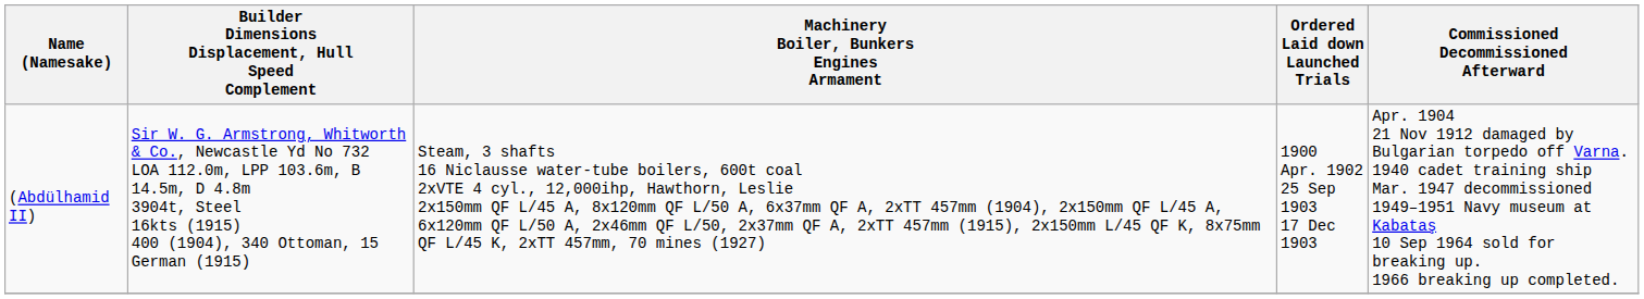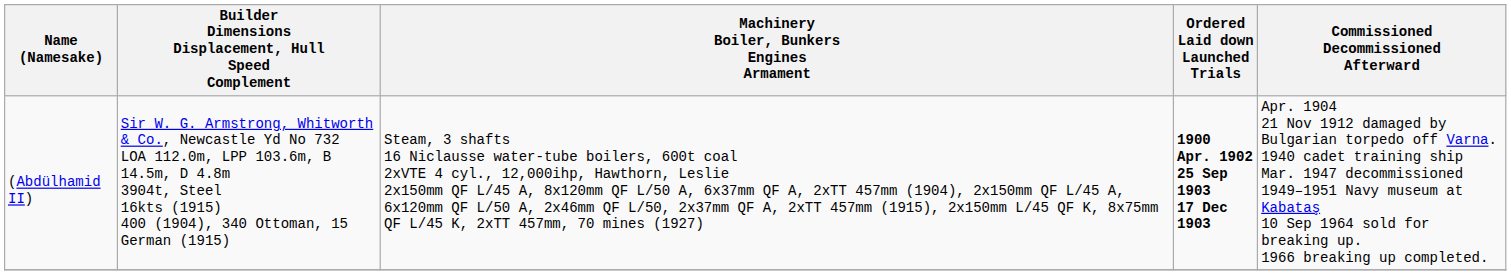 <table class="wikitable" style="font-size:90%;">
 <tr bgcolor="#e6e9ff">
 <th>Name<br>(Namesake)</th>
 <th>Builder<br>Dimensions<br>Displacement, Hull<br>Speed<br>Complement</th>
 <th>Machinery<br>Boiler, Bunkers<br>Engines<br>Armament</th>
 <th>Ordered<br>Laid down<br>Launched<br>Trials</th>
 <th>Commissioned<br>Decommissioned<br>Afterward</th>
 </tr>
 <tr ---->
 <td><br>(<a href='#'>Abdülhamid II</a>)</td>
 <td> <a href='#'>Sir W. G. Armstrong, Whitworth & Co.</a>, Newcastle Yd No 732<br>LOA 112.0m, LPP 103.6m, B 14.5m, D 4.8m<br>3904t, Steel<br>16kts (1915)<br>400 (1904), 340 Ottoman, 15 German (1915)</td>
 <td>Steam, 3 shafts<br>16 Niclausse water-tube boilers, 600t coal<br>2xVTE 4 cyl., 12,000ihp, Hawthorn, Leslie<br>2x150mm QF L/45 A, 8x120mm QF L/50 A, 6x37mm QF A, 2xTT 457mm (1904), 2x150mm QF L/45 A, 6x120mm QF L/50 A, 2x46mm QF L/50, 2x37mm QF A, 2xTT 457mm (1915), 2x150mm L/45 QF K, 8x75mm QF L/45 K, 2xTT 457mm, 70 mines (1927)</td>
-<td>1900<br>Apr. 1902<br>25 Sep 1903<br>17 Dec 1903</td>
+<td><strong>1900<br>Apr. 1902<br>25 Sep 1903<br>17 Dec 1903</strong></td>
 <td>Apr. 1904<br>21 Nov 1912 damaged by Bulgarian torpedo off <a href='#'>Varna</a>.<br>1940 cadet training ship<br>Mar. 1947 decommissioned<br>1949–1951 Navy museum at <a href='#'>Kabataş</a><br>10 Sep 1964 sold for breaking up.<br>1966 breaking up completed.</td>
 </tr>
 <tr ---->
 </tr>
 </table>
